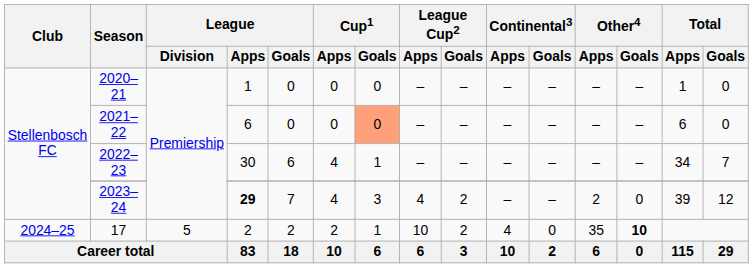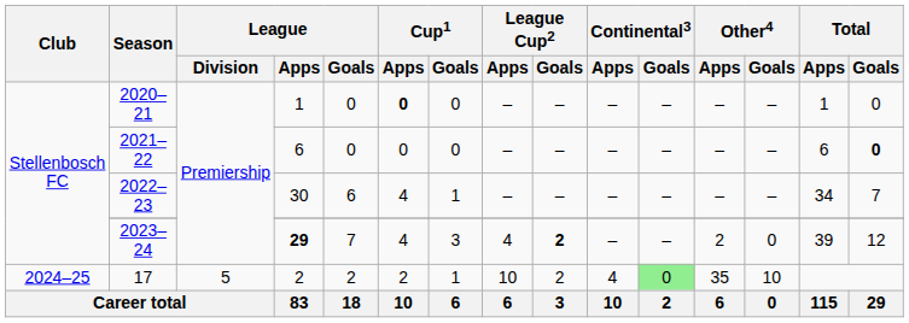 <table class="wikitable" style="text-align: center;">
 <tr>
 <th rowspan=2 style="width: 100pt;">Club</th>
 <th rowspan=2>Season</th>
 <th colspan=3>League</th>
 <th colspan="2">Cup<sup>1</sup></th>
 <th colspan="2">League Cup<sup>2</sup></th>
 <th colspan="2">Continental<sup>3</sup></th>
 <th colspan=2>Other<sup>4</sup></th>
 <th colspan=2>Total</th>
 </tr>
 <tr>
 <th>Division</th>
 <th>Apps</th>
 <th>Goals</th>
 <th>Apps</th>
 <th>Goals</th>
 <th>Apps</th>
 <th>Goals</th>
 <th>Apps</th>
 <th>Goals</th>
 <th>Apps</th>
 <th>Goals</th>
 <th>Apps</th>
 <th>Goals</th>
 </tr>
 <tr>
 <td rowspan="5"><a href='#'>Stellenbosch FC</a></td>
 <td><a href='#'>2020–21</a></td>
 <td rowspan="5"><a href='#'>Premiership</a></td>
 <td>1</td>
 <td>0</td>
-<td>0</td>
+<td><strong>0</strong></td>
 <td>0</td>
 <td>–</td>
 <td>–</td>
 <td>–</td>
 <td>–</td>
 <td>–</td>
 <td>–</td>
 <td>1</td>
 <td>0</td>
 </tr>
 <tr>
 <td><a href='#'>2021–22</a></td>
 <td>6</td>
 <td>0</td>
 <td>0</td>
-<td style="background: lightsalmon;">0</td>
+<td>0</td>
 <td>–</td>
 <td>–</td>
 <td>–</td>
 <td>–</td>
 <td>–</td>
 <td>–</td>
 <td>6</td>
-<td>0</td>
+<td><strong>0</strong></td>
 </tr>
 <tr>
 <td><a href='#'>2022–23</a></td>
 <td>30</td>
 <td>6</td>
 <td>4</td>
 <td>1</td>
 <td>–</td>
 <td>–</td>
 <td>–</td>
 <td>–</td>
 <td>–</td>
 <td>–</td>
 <td>34</td>
 <td>7</td>
 </tr>
 <tr>
 </tr>
 <tr>
 <td><a href='#'>2023–24</a></td>
 <td><strong>29</strong></td>
 <td>7</td>
 <td>4</td>
 <td>3</td>
 <td>4</td>
-<td>2</td>
+<td><strong>2</strong></td>
 <td>–</td>
 <td>–</td>
 <td>2</td>
 <td>0</td>
 <td>39</td>
 <td>12</td>
 </tr>
 <tr>
 <td><a href='#'>2024–25</a></td>
 <td>17</td>
 <td>5</td>
 <td>2</td>
 <td>2</td>
 <td>2</td>
 <td>1</td>
 <td>10</td>
 <td>2</td>
 <td>4</td>
-<td>0</td>
+<td style="background: lightgreen;">0</td>
 <td>35</td>
-<td><strong>10</strong></td>
+<td>10</td>
 </tr>
 <tr>
 <th colspan="3">Career total</th>
 <th>83</th>
 <th>18</th>
 <th>10</th>
 <th>6</th>
 <th>6</th>
 <th>3</th>
 <th>10</th>
 <th>2</th>
 <th>6</th>
 <th>0</th>
 <th>115</th>
 <th>29</th>
 </tr>
 </table>
